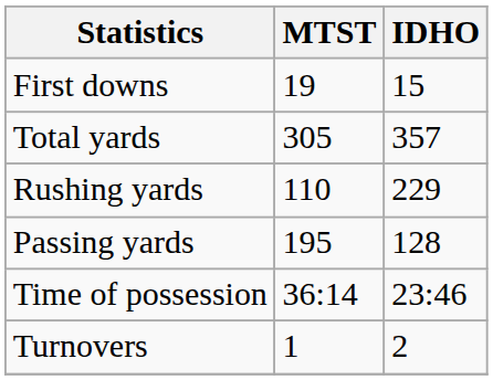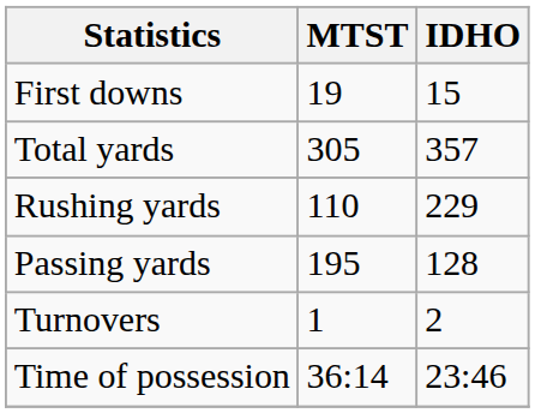 <table class="wikitable" style="float: left;">
 <tr>
 <th>Statistics</th>
 <th>MTST</th>
 <th>IDHO</th>
 </tr>
 <tr>
 <td>First downs</td>
 <td>19</td>
 <td>15</td>
 </tr>
 <tr>
 <td>Total yards</td>
 <td>305</td>
 <td>357</td>
 </tr>
 <tr>
 <td>Rushing yards</td>
 <td>110</td>
 <td>229</td>
 </tr>
 <tr>
 <td>Passing yards</td>
 <td>195</td>
 <td>128</td>
 </tr>
 <tr>
+<td>Turnovers</td>
+<td>1</td>
+<td>2</td>
+</tr>
+<tr>
 <td>Time of possession</td>
 <td>36:14</td>
 <td>23:46</td>
 </tr>
 <tr>
-<td>Turnovers</td>
-<td>1</td>
-<td>2</td>
-</tr>
-<tr>
 </tr>
 </table>
